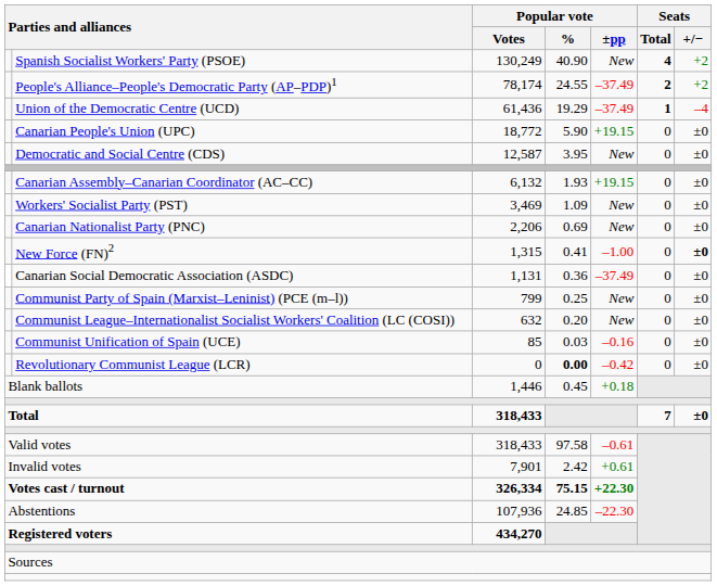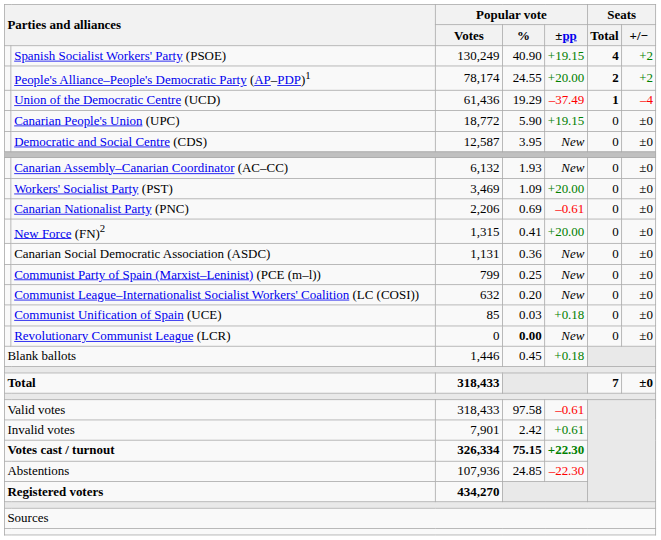 <table class="wikitable" style="text-align:right;">
 <tr>
 <th style="text-align:left;" rowspan="2" colspan="2" width="525">Parties and alliances</th>
 <th colspan="3">Popular vote</th>
 <th colspan="2">Seats</th>
 </tr>
 <tr>
 <th width="75">Votes</th>
 <th width="45">%</th>
 <th width="45">±<a href='#'>pp</a></th>
 <th width="35">Total</th>
 <th width="35">+/−</th>
 </tr>
 <tr>
 <td width="1" style="color:inherit;background:"></td>
 <td align="left"><a href='#'>Spanish Socialist Workers' Party</a> (PSOE)</td>
 <td>130,249</td>
 <td>40.90</td>
-<td><em>New</em></td>
+<td style="color:green;">+19.15</td>
 <td><strong>4</strong></td>
 <td style="color:green;">+2</td>
 </tr>
 <tr>
 <td style="color:inherit;background:"></td>
 <td align="left"><a href='#'>People's Alliance–People's Democratic Party</a> (<a href='#'>AP</a>–<a href='#'>PDP</a>)<sup>1</sup></td>
 <td>78,174</td>
 <td>24.55</td>
-<td style="color:red;">–37.49</td>
+<td style="color:green;">+20.00</td>
 <td><strong>2</strong></td>
 <td style="color:green;">+2</td>
 </tr>
 <tr>
 <td style="color:inherit;background:"></td>
 <td align="left"><a href='#'>Union of the Democratic Centre</a> (UCD)</td>
 <td>61,436</td>
 <td>19.29</td>
 <td style="color:red;">–37.49</td>
 <td><strong>1</strong></td>
 <td style="color:red;">–4</td>
 </tr>
 <tr>
 <td style="color:inherit;background:"></td>
 <td align="left"><a href='#'>Canarian People's Union</a> (UPC)</td>
 <td>18,772</td>
 <td>5.90</td>
 <td style="color:green;">+19.15</td>
 <td>0</td>
 <td>±0</td>
 </tr>
 <tr>
 <td style="color:inherit;background:"></td>
 <td align="left"><a href='#'>Democratic and Social Centre</a> (CDS)</td>
 <td>12,587</td>
 <td>3.95</td>
 <td><em>New</em></td>
 <td>0</td>
 <td>±0</td>
 </tr>
 <tr>
 <td colspan="7" bgcolor="#C0C0C0"></td>
 </tr>
 <tr>
 <td style="color:inherit;background:"></td>
 <td align="left"><a href='#'>Canarian Assembly–Canarian Coordinator</a> (AC–CC)</td>
 <td>6,132</td>
 <td>1.93</td>
-<td style="color:green;">+19.15</td>
+<td><em>New</em></td>
 <td>0</td>
 <td>±0</td>
 </tr>
 <tr>
 <td style="color:inherit;background:"></td>
 <td align="left"><a href='#'>Workers' Socialist Party</a> (PST)</td>
 <td>3,469</td>
 <td>1.09</td>
-<td><em>New</em></td>
+<td style="color:green;">+20.00</td>
 <td>0</td>
 <td>±0</td>
 </tr>
 <tr>
 <td style="color:inherit;background:"></td>
 <td align="left"><a href='#'>Canarian Nationalist Party</a> (PNC)</td>
 <td>2,206</td>
 <td>0.69</td>
-<td><em>New</em></td>
+<td style="color:red;">–0.61</td>
 <td>0</td>
 <td>±0</td>
 </tr>
 <tr>
 <td style="color:inherit;background:"></td>
 <td align="left"><a href='#'>New Force</a> (FN)<sup>2</sup></td>
 <td>1,315</td>
 <td>0.41</td>
-<td style="color:red;">–1.00</td>
+<td style="color:green;">+20.00</td>
 <td>0</td>
-<td><strong>±0</strong></td>
+<td>±0</td>
 </tr>
 <tr>
 <td bgcolor="white"></td>
 <td align="left">Canarian Social Democratic Association (ASDC)</td>
 <td>1,131</td>
 <td>0.36</td>
-<td style="color:red;">–37.49</td>
+<td><em>New</em></td>
 <td>0</td>
 <td>±0</td>
 </tr>
 <tr>
 <td style="color:inherit;background:"></td>
 <td align="left"><a href='#'>Communist Party of Spain (Marxist–Leninist)</a> (PCE (m–l))</td>
 <td>799</td>
 <td>0.25</td>
 <td><em>New</em></td>
 <td>0</td>
 <td>±0</td>
 </tr>
 <tr>
 <td style="color:inherit;background:"></td>
 <td align="left"><a href='#'>Communist League–Internationalist Socialist Workers' Coalition</a> (LC (COSI))</td>
 <td>632</td>
 <td>0.20</td>
 <td><em>New</em></td>
 <td>0</td>
 <td>±0</td>
 </tr>
 <tr>
 <td style="color:inherit;background:"></td>
 <td align="left"><a href='#'>Communist Unification of Spain</a> (UCE)</td>
 <td>85</td>
 <td>0.03</td>
-<td style="color:red;">–0.16</td>
+<td style="color:green;">+0.18</td>
 <td>0</td>
 <td>±0</td>
 </tr>
 <tr>
 <td style="color:inherit;background:"></td>
 <td align="left"><a href='#'>Revolutionary Communist League</a> (LCR)</td>
 <td>0</td>
 <td><strong>0.00</strong></td>
-<td style="color:red;">–0.42</td>
+<td><em>New</em></td>
 <td>0</td>
 <td>±0</td>
 </tr>
 <tr>
 <td align="left" colspan="2">Blank ballots</td>
 <td>1,446</td>
 <td>0.45</td>
 <td style="color:green;">+0.18</td>
 <td bgcolor="#E9E9E9" colspan="2"></td>
 </tr>
 <tr>
 <td colspan="7" bgcolor="#E9E9E9"></td>
 </tr>
 <tr style="font-weight:bold;">
 <td align="left" colspan="2">Total</td>
 <td>318,433</td>
 <td bgcolor="#E9E9E9" colspan="2"></td>
 <td>7</td>
 <td>±0</td>
 </tr>
 <tr>
 <td colspan="7" bgcolor="#E9E9E9"></td>
 </tr>
 <tr>
 <td align="left" colspan="2">Valid votes</td>
 <td>318,433</td>
 <td>97.58</td>
 <td style="color:red;">–0.61</td>
 <td bgcolor="#E9E9E9" colspan="2" rowspan="5"></td>
 </tr>
 <tr>
 <td align="left" colspan="2">Invalid votes</td>
 <td>7,901</td>
 <td>2.42</td>
 <td style="color:green;">+0.61</td>
 </tr>
 <tr style="font-weight:bold;">
 <td align="left" colspan="2">Votes cast / turnout</td>
 <td>326,334</td>
 <td>75.15</td>
 <td style="color:green;">+22.30</td>
 </tr>
 <tr>
 <td align="left" colspan="2">Abstentions</td>
 <td>107,936</td>
 <td>24.85</td>
 <td style="color:red;">–22.30</td>
 </tr>
 <tr style="font-weight:bold;">
 <td align="left" colspan="2">Registered voters</td>
 <td>434,270</td>
 <td bgcolor="#E9E9E9" colspan="2"></td>
 </tr>
 <tr>
 <td colspan="7" bgcolor="#E9E9E9"></td>
 </tr>
 <tr>
 <td align="left" colspan="7">Sources</td>
 </tr>
 <tr>
 <td colspan="7" style="text-align:left; max-width:790px;"></td>
 </tr>
 </table>
